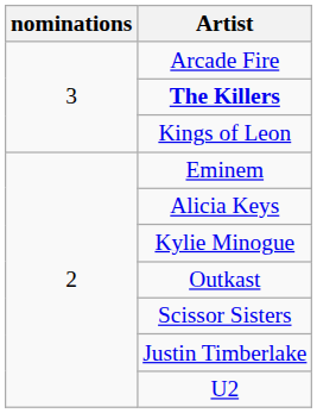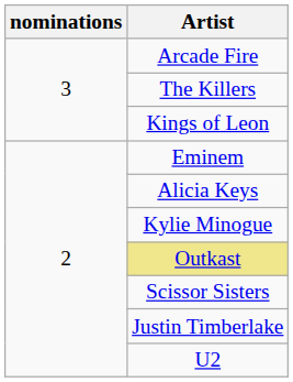 <table class="wikitable" rowspan="2" style="text-align:center;">
 <tr>
 <th scope="col" style="width:55px;">nominations</th>
 <th scope="col" style="text-align:center;">Artist</th>
 </tr>
 <tr>
 <td rowspan="3">3</td>
 <td><a href='#'>Arcade Fire</a></td>
 </tr>
 <tr>
-<td><strong><a href='#'>The Killers</a></strong></td>
+<td><a href='#'>The Killers</a></td>
 </tr>
 <tr>
 <td><a href='#'>Kings of Leon</a></td>
 </tr>
 <tr>
 <td rowspan="7">2</td>
 <td><a href='#'>Eminem</a></td>
 </tr>
 <tr>
 <td><a href='#'>Alicia Keys</a></td>
 </tr>
 <tr>
 <td><a href='#'>Kylie Minogue</a></td>
 </tr>
 <tr>
-<td><a href='#'>Outkast</a></td>
+<td style="background: khaki;"><a href='#'>Outkast</a></td>
 </tr>
 <tr>
 <td><a href='#'>Scissor Sisters</a></td>
 </tr>
 <tr>
 <td><a href='#'>Justin Timberlake</a></td>
 </tr>
 <tr>
 <td><a href='#'>U2</a></td>
 </tr>
 </table>
